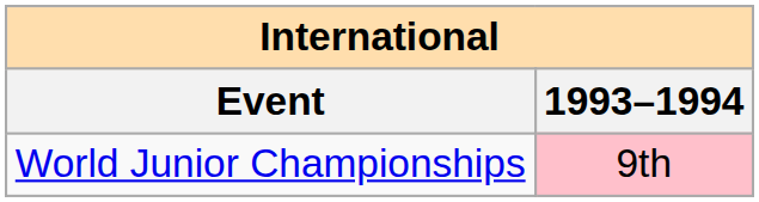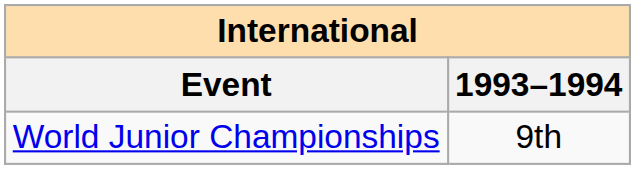 <table class="wikitable" style="text-align:center">
 <tr>
 <th style="background-color: #ffdead; " colspan=2 align=center>International</th>
 </tr>
 <tr>
 <th>Event</th>
 <th>1993–1994</th>
 </tr>
 <tr>
 <td align=left><a href='#'>World Junior Championships</a></td>
-<td style="background: pink;">9th</td>
+<td>9th</td>
 </tr>
 </table>
